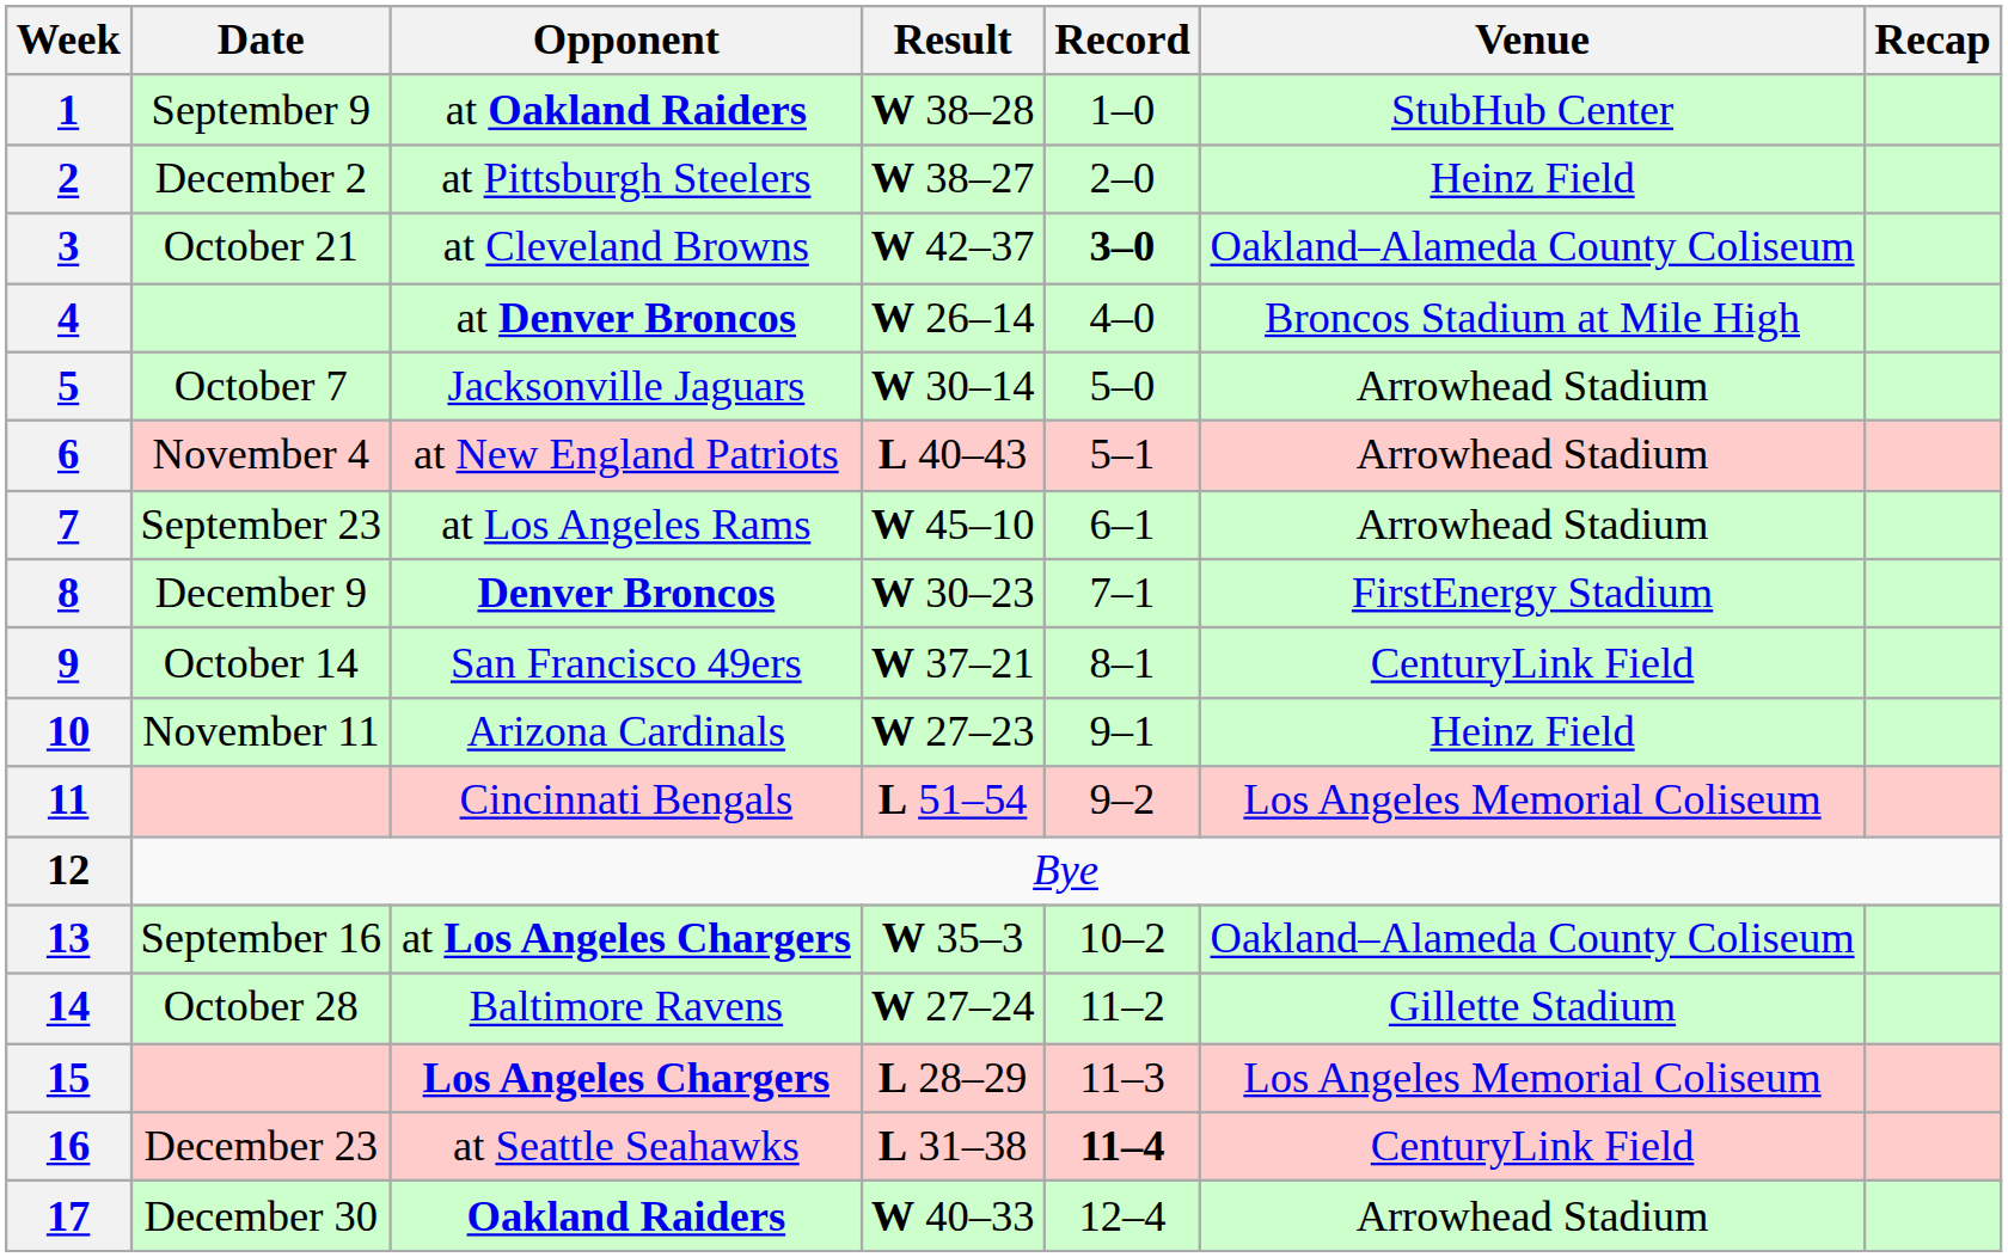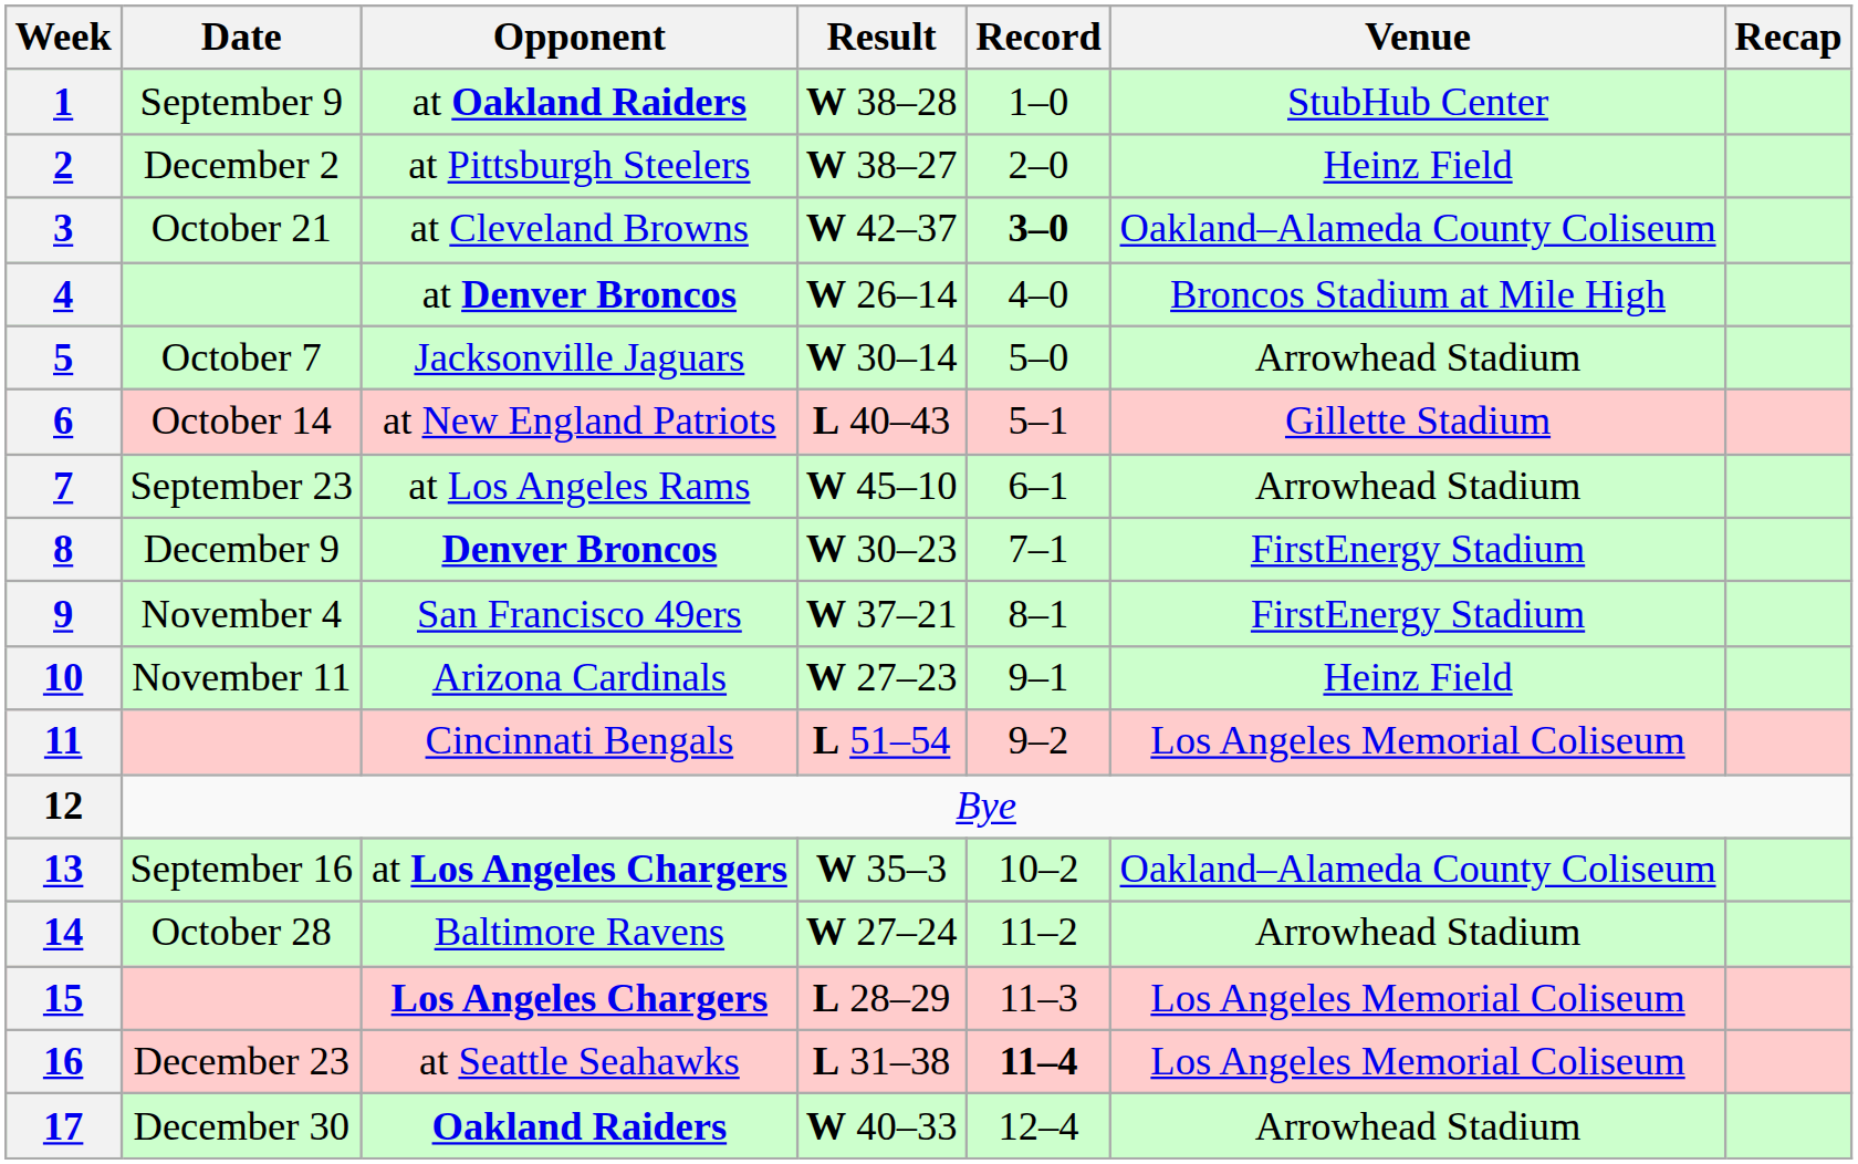 <table class="wikitable" style="text-align:center">
 <tr>
 <th>Week</th>
 <th>Date</th>
 <th>Opponent</th>
 <th>Result</th>
 <th>Record</th>
 <th>Venue</th>
 <th>Recap</th>
 </tr>
 <tr style="background:#cfc">
 <th><a href='#'>1</a></th>
 <td>September 9</td>
 <td>at <strong><a href='#'>Oakland Raiders</a></strong></td>
 <td><strong>W</strong> 38–28</td>
 <td>1–0</td>
 <td><a href='#'>StubHub Center</a></td>
 <td></td>
 </tr>
 <tr style="background:#cfc">
 <th><a href='#'>2</a></th>
 <td>December 2</td>
 <td>at <a href='#'>Pittsburgh Steelers</a></td>
 <td><strong>W</strong> 38–27</td>
 <td>2–0</td>
 <td><a href='#'>Heinz Field</a></td>
 <td></td>
 </tr>
 <tr style="background:#cfc">
 <th><a href='#'>3</a></th>
 <td>October 21</td>
 <td>at <a href='#'>Cleveland Browns</a></td>
 <td><strong>W</strong> 42–37</td>
 <td><strong>3–0</strong></td>
 <td><a href='#'>Oakland–Alameda County Coliseum</a></td>
 <td></td>
 </tr>
 <tr style="background:#cfc">
 <th><a href='#'>4</a></th>
 <td></td>
 <td>at <strong><a href='#'>Denver Broncos</a></strong></td>
 <td><strong>W</strong> 26–14</td>
 <td>4–0</td>
 <td><a href='#'>Broncos Stadium at Mile High</a></td>
 <td></td>
 </tr>
 <tr style="background:#cfc">
 <th><a href='#'>5</a></th>
 <td>October 7</td>
 <td><a href='#'>Jacksonville Jaguars</a></td>
 <td><strong>W</strong> 30–14</td>
 <td>5–0</td>
 <td>Arrowhead Stadium</td>
 <td></td>
 </tr>
 <tr style="background:#fcc">
 <th><a href='#'>6</a></th>
-<td>November 4</td>
+<td>October 14</td>
 <td>at <a href='#'>New England Patriots</a></td>
 <td><strong>L</strong> 40–43</td>
 <td>5–1</td>
-<td>Arrowhead Stadium</td>
+<td><a href='#'>Gillette Stadium</a></td>
 <td></td>
 </tr>
 <tr style="background:#cfc">
 <th><a href='#'>7</a></th>
 <td>September 23</td>
 <td>at <a href='#'>Los Angeles Rams</a></td>
 <td><strong>W</strong> 45–10</td>
 <td>6–1</td>
 <td>Arrowhead Stadium</td>
 <td></td>
 </tr>
 <tr style="background:#cfc">
 <th><a href='#'>8</a></th>
 <td>December 9</td>
 <td><strong><a href='#'>Denver Broncos</a></strong></td>
 <td><strong>W</strong> 30–23</td>
 <td>7–1</td>
 <td><a href='#'>FirstEnergy Stadium</a></td>
 <td></td>
 </tr>
 <tr style="background:#cfc">
 <th><a href='#'>9</a></th>
-<td>October 14</td>
+<td>November 4</td>
 <td><a href='#'>San Francisco 49ers</a></td>
 <td><strong>W</strong> 37–21</td>
 <td>8–1</td>
-<td><a href='#'>CenturyLink Field</a></td>
+<td><a href='#'>FirstEnergy Stadium</a></td>
 <td></td>
 </tr>
 <tr style="background:#cfc">
 <th><a href='#'>10</a></th>
 <td>November 11</td>
 <td><a href='#'>Arizona Cardinals</a></td>
 <td><strong>W</strong> 27–23</td>
 <td>9–1</td>
 <td><a href='#'>Heinz Field</a></td>
 <td></td>
 </tr>
 <tr style="background:#fcc">
 <th><a href='#'>11</a></th>
 <td></td>
 <td><a href='#'>Cincinnati Bengals</a></td>
 <td><strong>L</strong> <a href='#'>51–54</a></td>
 <td>9–2</td>
 <td><a href='#'>Los Angeles Memorial Coliseum</a></td>
 <td></td>
 </tr>
 <tr>
 <th>12</th>
 <td colspan="6"><em><a href='#'>Bye</a></em></td>
 </tr>
 <tr style="background:#cfc">
 <th><a href='#'>13</a></th>
 <td>September 16</td>
 <td>at <strong><a href='#'>Los Angeles Chargers</a></strong></td>
 <td><strong>W</strong> 35–3</td>
 <td>10–2</td>
 <td><a href='#'>Oakland–Alameda County Coliseum</a></td>
 <td></td>
 </tr>
 <tr style="background:#cfc">
 <th><a href='#'>14</a></th>
 <td>October 28</td>
 <td><a href='#'>Baltimore Ravens</a></td>
 <td><strong>W</strong> 27–24 </td>
 <td>11–2</td>
-<td><a href='#'>Gillette Stadium</a></td>
+<td>Arrowhead Stadium</td>
 <td></td>
 </tr>
 <tr style="background:#fcc">
 <th><a href='#'>15</a></th>
 <td></td>
 <td><strong><a href='#'>Los Angeles Chargers</a></strong></td>
 <td><strong>L</strong> 28–29</td>
 <td>11–3</td>
 <td><a href='#'>Los Angeles Memorial Coliseum</a></td>
 <td></td>
 </tr>
 <tr style="background:#fcc">
 <th><a href='#'>16</a></th>
 <td>December 23</td>
 <td>at <a href='#'>Seattle Seahawks</a></td>
 <td><strong>L</strong> 31–38</td>
 <td><strong>11–4</strong></td>
-<td><a href='#'>CenturyLink Field</a></td>
+<td><a href='#'>Los Angeles Memorial Coliseum</a></td>
 <td></td>
 </tr>
 <tr style="background:#cfc">
 <th><a href='#'>17</a></th>
 <td>December 30</td>
 <td><strong><a href='#'>Oakland Raiders</a></strong></td>
 <td><strong>W</strong> 40–33</td>
 <td>12–4</td>
 <td>Arrowhead Stadium</td>
 <td></td>
 </tr>
 </table>
